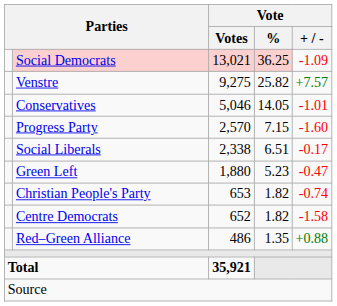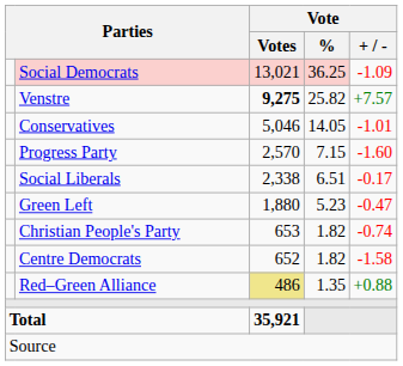 <table class="wikitable" style="text-align:right;">
 <tr>
 <th style="text-align:centre;" rowspan="2" colspan="2" width="225">Parties</th>
 <th colspan="3">Vote</th>
 </tr>
 <tr>
 <th width="15">Votes</th>
 <th width="15">%</th>
 <th width="15">+ / -</th>
 </tr>
 <tr>
 <td width="2" style="color:inherit;background:"></td>
 <td bgcolor=#fbd0ce  align="left"><a href='#'>Social Democrats</a></td>
 <td bgcolor=#fbd0ce>13,021</td>
 <td bgcolor=#fbd0ce>36.25</td>
 <td style=color:red;>-1.09</td>
 </tr>
 <tr>
 <td width="2" style="color:inherit;background:"></td>
 <td align="left"><a href='#'>Venstre</a></td>
-<td>9,275</td>
+<td><strong>9,275</strong></td>
 <td>25.82</td>
 <td style=color:green;>+7.57</td>
 </tr>
 <tr>
 <td width="2" style="color:inherit;background:"></td>
 <td align="left"><a href='#'>Conservatives</a></td>
 <td>5,046</td>
 <td>14.05</td>
 <td style=color:red;>-1.01</td>
 </tr>
 <tr>
 <td width="2" style="color:inherit;background:"></td>
 <td align="left"><a href='#'>Progress Party</a></td>
 <td>2,570</td>
 <td>7.15</td>
 <td style=color:red;>-1.60</td>
 </tr>
 <tr>
 <td width="2" style="color:inherit;background:"></td>
 <td align="left"><a href='#'>Social Liberals</a></td>
 <td>2,338</td>
 <td>6.51</td>
 <td style=color:red;>-0.17</td>
 </tr>
 <tr>
 <td width="2" style="color:inherit;background:"></td>
 <td align="left"><a href='#'>Green Left</a></td>
 <td>1,880</td>
 <td>5.23</td>
 <td style=color:red;>-0.47</td>
 </tr>
 <tr>
 <td width="2" style="color:inherit;background:"></td>
 <td align="left"><a href='#'>Christian People's Party</a></td>
 <td>653</td>
 <td>1.82</td>
 <td style=color:red;>-0.74</td>
 </tr>
 <tr>
 <td width="2" style="color:inherit;background:"></td>
 <td align="left"><a href='#'>Centre Democrats</a></td>
 <td>652</td>
 <td>1.82</td>
 <td style=color:red;>-1.58</td>
 </tr>
 <tr>
 <td width="2" style="color:inherit;background:"></td>
 <td align="left"><a href='#'>Red–Green Alliance</a></td>
-<td>486</td>
+<td style="background: khaki;">486</td>
 <td>1.35</td>
 <td style=color:green;>+0.88</td>
 </tr>
 <tr>
 <td colspan="7" bgcolor="#E9E9E9"></td>
 </tr>
 <tr>
 <td align="left" colspan="2"><strong>Total</strong></td>
 <td><strong>35,921</strong></td>
 <td bgcolor="#E9E9E9" colspan="2"></td>
 </tr>
 <tr>
 <td align="left" colspan="6">Source</td>
 </tr>
 </table>
